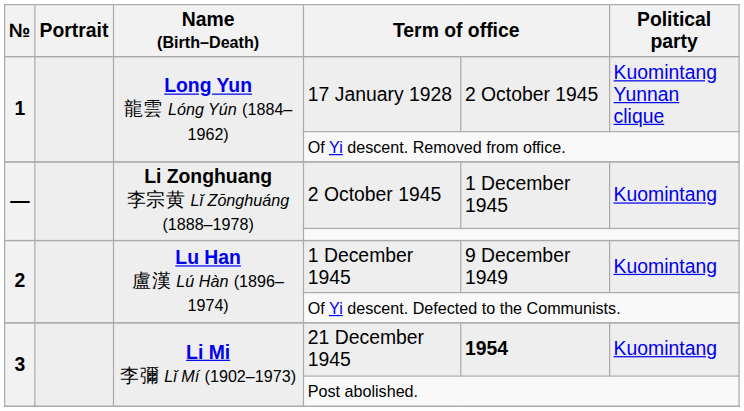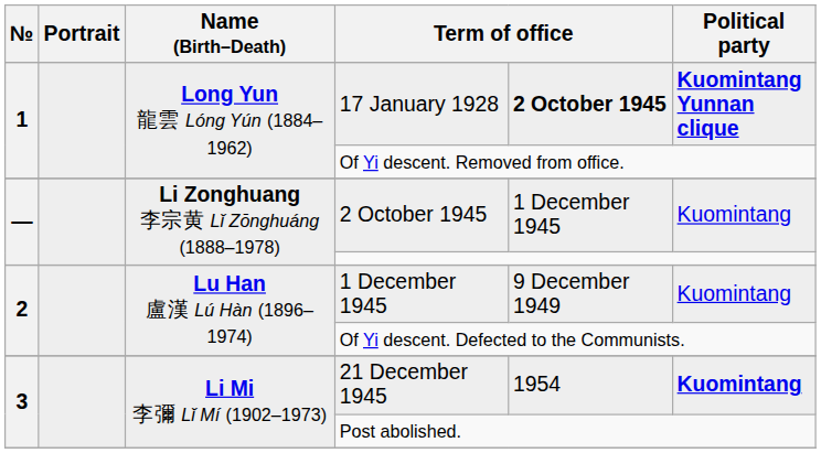 <table class="wikitable">
 <tr>
 <th>№</th>
 <th>Portrait</th>
 <th width="150px">Name<br><small>(Birth–Death)</small></th>
 <th colspan="2" width="200px">Term of office</th>
 <th width="100px">Political party</th>
 </tr>
 <tr>
 </tr>
 <tr bgcolor="#EEEEEE">
 <th rowspan="2" style="background:">1</th>
 <td rowspan="2" align="center"></td>
 <td rowspan="2" align="center"><strong><a href='#'>Long Yun</a></strong><br><span>龍雲</span> <small><em>Lóng Yún</em></small> <small>(1884–1962)</small></td>
 <td>17 January 1928</td>
-<td>2 October 1945</td>
-<td><a href='#'>Kuomintang</a><br><a href='#'>Yunnan clique</a></td>
+<td><strong>2 October 1945</strong></td>
+<td><strong><a href='#'>Kuomintang</a><br><a href='#'>Yunnan clique</a></strong></td>
 </tr>
 <tr>
 <td colspan="4"><small>Of <a href='#'>Yi</a> descent. Removed from office.</small></td>
 </tr>
 <tr>
 </tr>
 <tr bgcolor="#EEEEEE">
 <th rowspan="2" style="background:">—</th>
 <td rowspan="2" align="center"></td>
 <td rowspan="2" align="center"><strong>Li Zonghuang</strong><br><span>李宗黄</span> <small><em>Lǐ Zōnghuáng</em></small> <small>(1888–1978)</small></td>
 <td>2 October 1945</td>
 <td>1 December 1945</td>
 <td><a href='#'>Kuomintang</a></td>
 </tr>
 <tr>
 <td colspan="4"></td>
 </tr>
 <tr>
 </tr>
 <tr bgcolor="#EEEEEE">
 <th rowspan="2" style="background:">2</th>
 <td rowspan="2" align="center"></td>
 <td rowspan="2" align="center"><strong><a href='#'>Lu Han</a></strong><br><span>盧漢</span> <small><em>Lú Hàn</em></small> <small>(1896–1974)</small></td>
 <td>1 December 1945</td>
 <td>9 December 1949</td>
 <td><a href='#'>Kuomintang</a></td>
 </tr>
 <tr>
 <td colspan="4"><small>Of <a href='#'>Yi</a> descent. Defected to the Communists.</small></td>
 </tr>
 <tr>
 </tr>
 <tr bgcolor="#EEEEEE">
 <th rowspan="2" style="background:">3</th>
 <td rowspan="2" align="center"></td>
 <td rowspan="2" align="center"><strong><a href='#'>Li Mi</a></strong><br><span>李彌</span> <small><em>Lǐ Mí</em></small> <small>(1902–1973)</small></td>
 <td>21 December 1945</td>
-<td><strong>1954</strong></td>
-<td><a href='#'>Kuomintang</a></td>
+<td>1954</td>
+<td><strong><a href='#'>Kuomintang</a></strong></td>
 </tr>
 <tr>
 <td colspan="4"><small>Post abolished.</small></td>
 </tr>
 <tr>
 </tr>
 </table>
